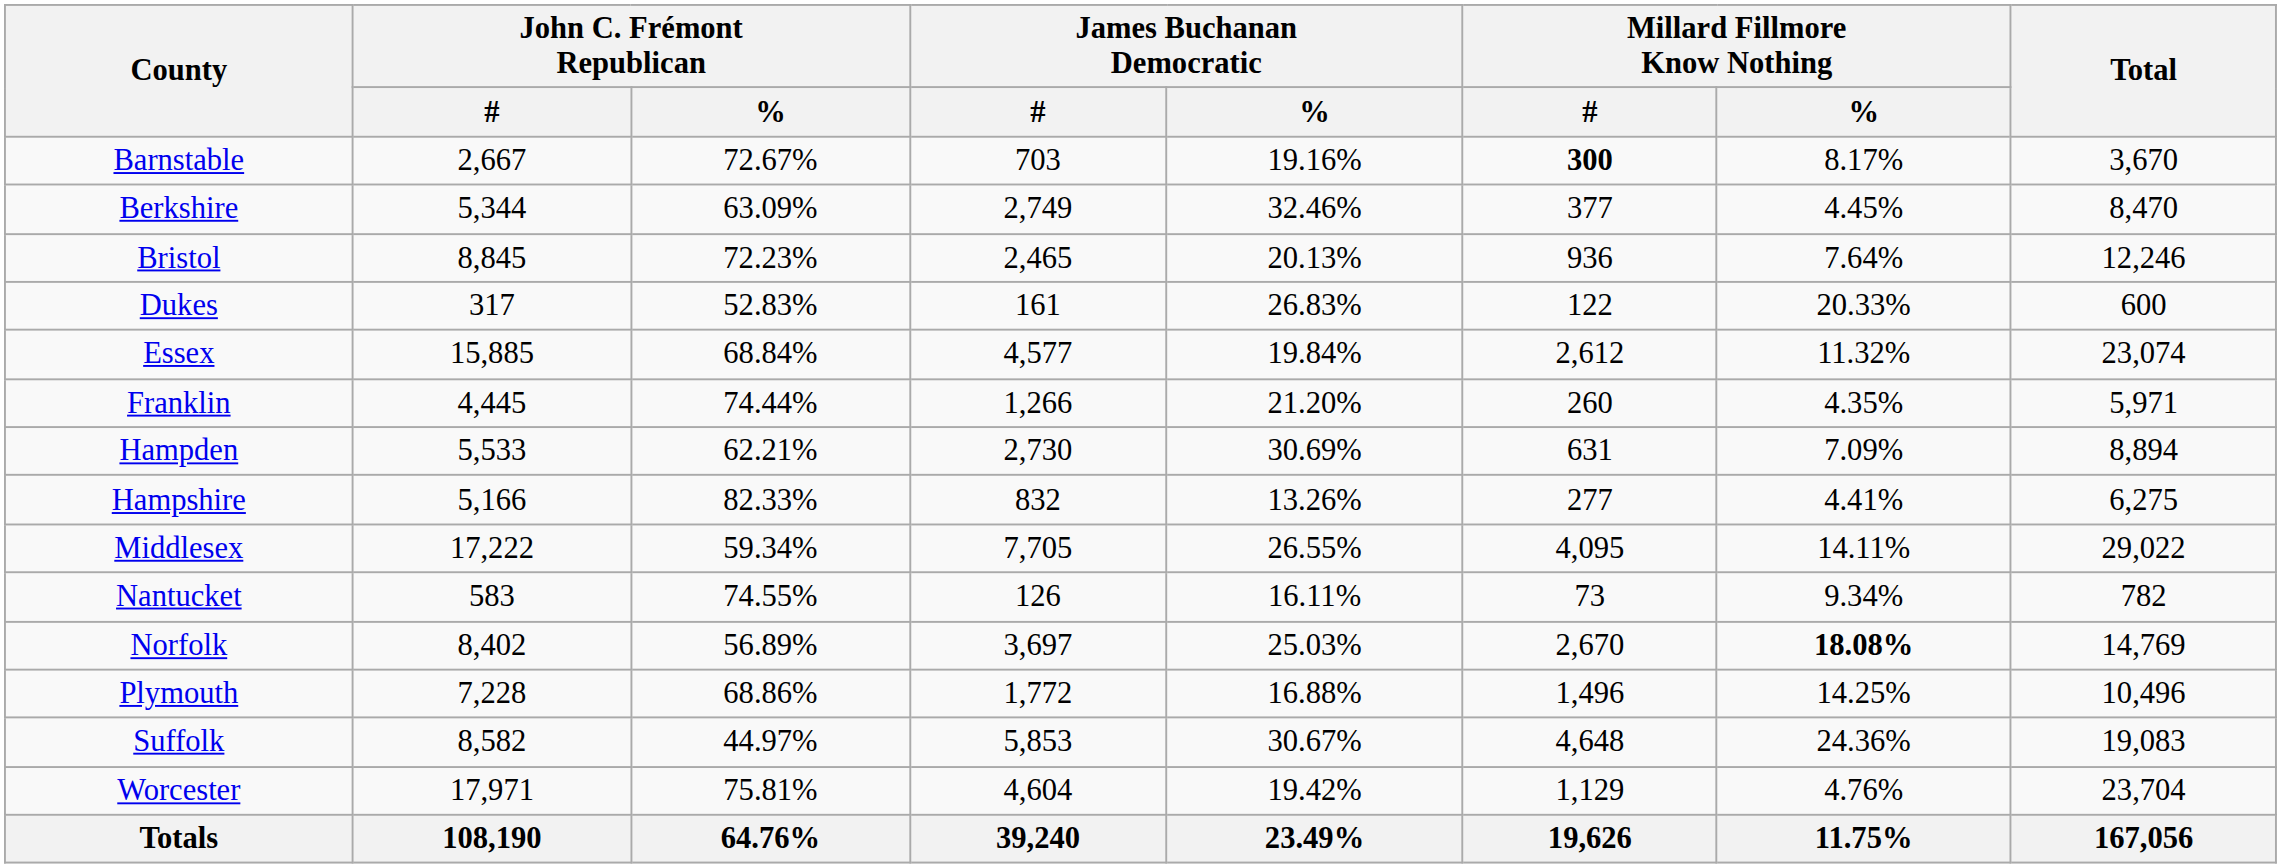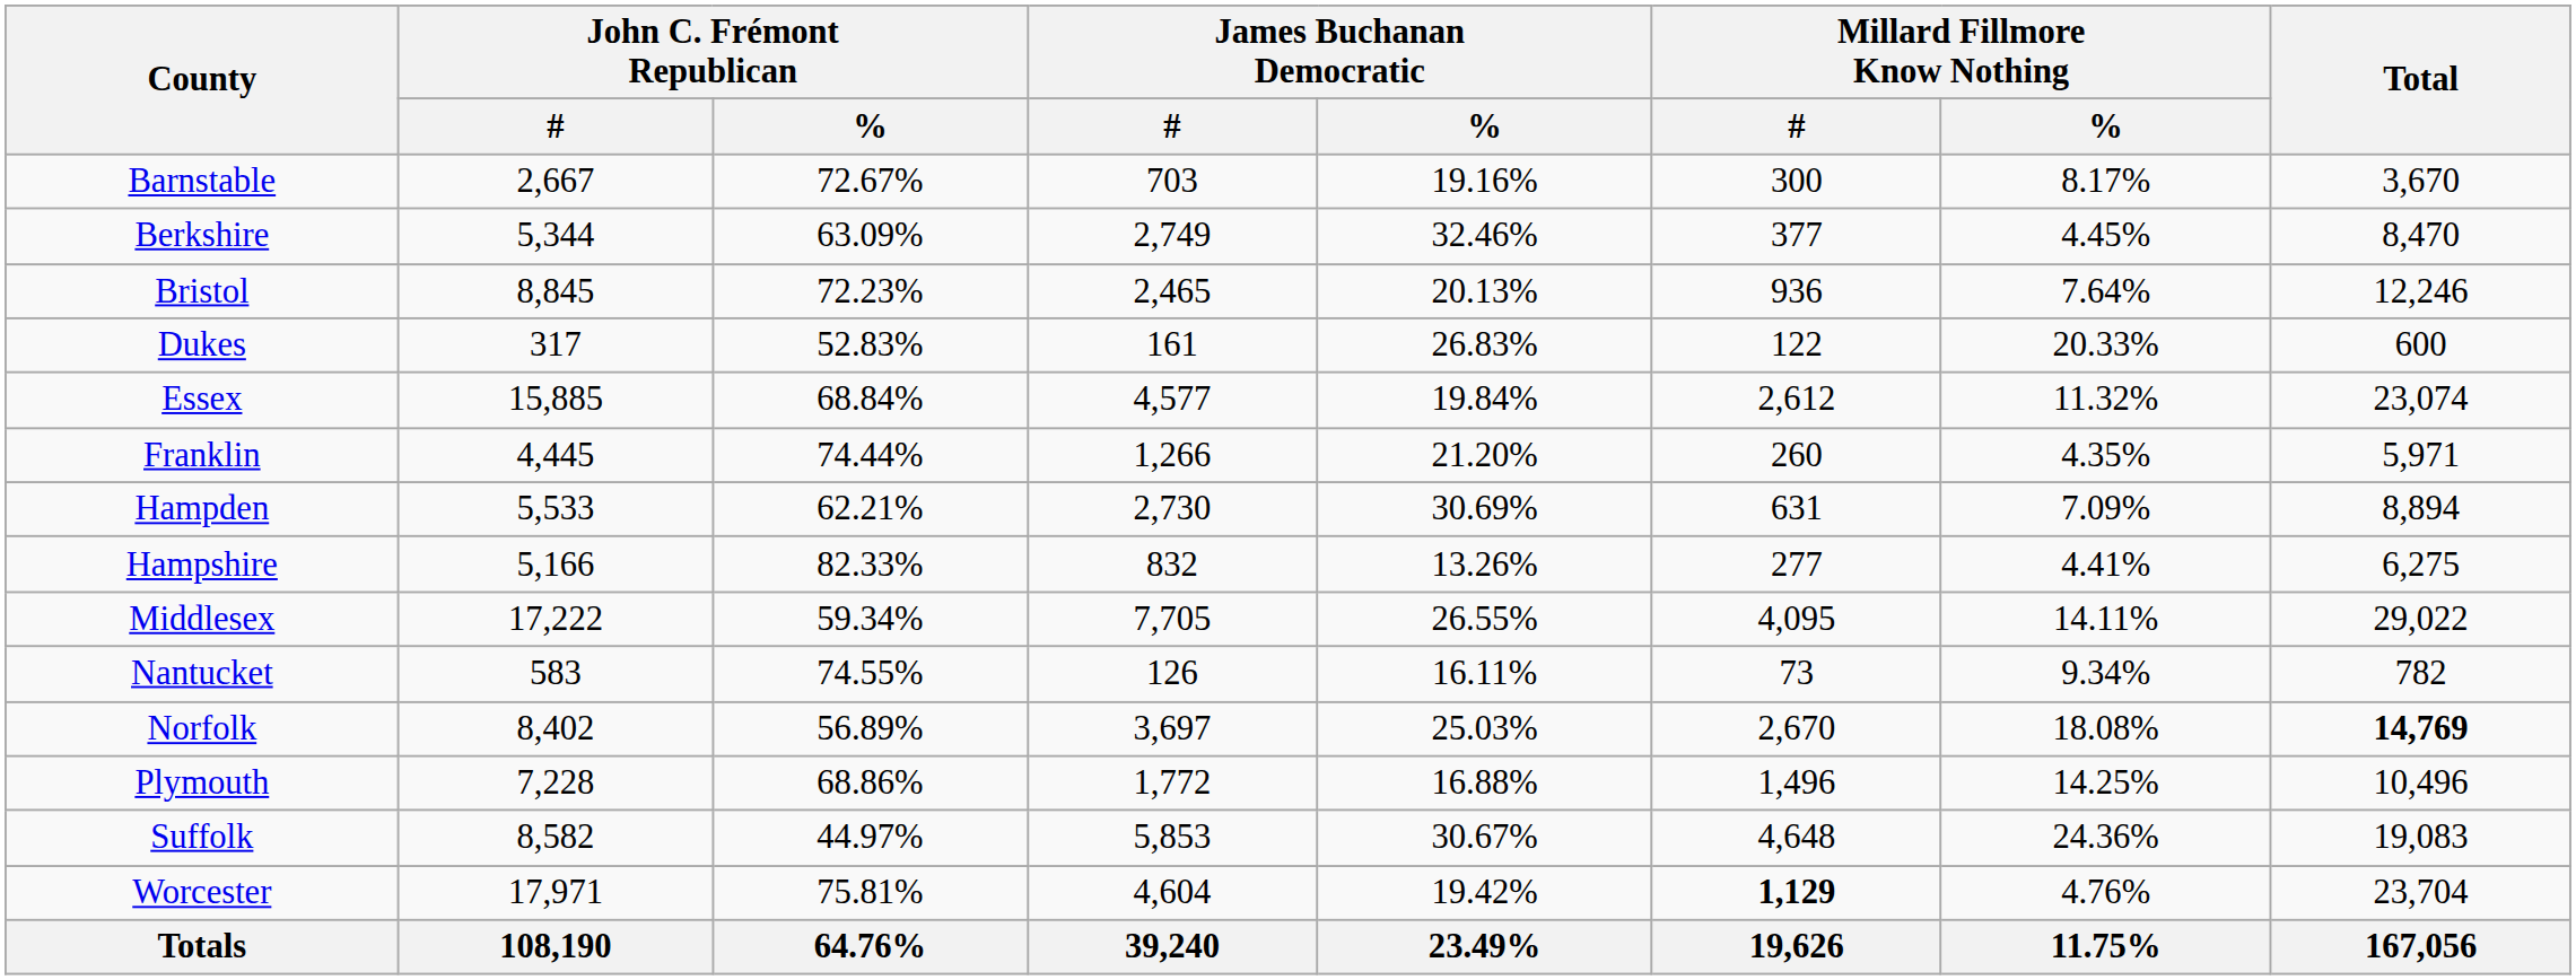 <table class="wikitable sortable" width="60%" style="text-align:center">
 <tr>
 <th rowspan="2" style="text-align:center;">County</th>
 <th colspan="2" style="text-align:center;">John C. Frémont<br>Republican</th>
 <th colspan="2" style="text-align:center;">James Buchanan<br>Democratic</th>
 <th colspan="2" style="text-align:center;">Millard Fillmore<br>Know Nothing</th>
 <th rowspan="2" style="text-align:center;">Total</th>
 </tr>
 <tr>
 <th data-sort-type="number" style="text-align:center;">#</th>
 <th data-sort-type="number" style="text-align:center;">%</th>
 <th data-sort-type="number" style="text-align:center;">#</th>
 <th data-sort-type="number" style="text-align:center;">%</th>
 <th data-sort-type="number" style="text-align:center;">#</th>
 <th data-sort-type="number" style="text-align:center;">%</th>
 </tr>
 <tr style="text-align:center;">
 <td><a href='#'>Barnstable</a></td>
 <td>2,667</td>
 <td>72.67%</td>
 <td>703</td>
 <td>19.16%</td>
-<td><strong>300</strong></td>
+<td>300</td>
 <td>8.17%</td>
 <td>3,670</td>
 </tr>
 <tr style="text-align:center;">
 <td><a href='#'>Berkshire</a></td>
 <td>5,344</td>
 <td>63.09%</td>
 <td>2,749</td>
 <td>32.46%</td>
 <td>377</td>
 <td>4.45%</td>
 <td>8,470</td>
 </tr>
 <tr style="text-align:center;">
 <td><a href='#'>Bristol</a></td>
 <td>8,845</td>
 <td>72.23%</td>
 <td>2,465</td>
 <td>20.13%</td>
 <td>936</td>
 <td>7.64%</td>
 <td>12,246</td>
 </tr>
 <tr style="text-align:center;">
 <td><a href='#'>Dukes</a></td>
 <td>317</td>
 <td>52.83%</td>
 <td>161</td>
 <td>26.83%</td>
 <td>122</td>
 <td>20.33%</td>
 <td>600</td>
 </tr>
 <tr style="text-align:center;">
 <td><a href='#'>Essex</a></td>
 <td>15,885</td>
 <td>68.84%</td>
 <td>4,577</td>
 <td>19.84%</td>
 <td>2,612</td>
 <td>11.32%</td>
 <td>23,074</td>
 </tr>
 <tr style="text-align:center;">
 <td><a href='#'>Franklin</a></td>
 <td>4,445</td>
 <td>74.44%</td>
 <td>1,266</td>
 <td>21.20%</td>
 <td>260</td>
 <td>4.35%</td>
 <td>5,971</td>
 </tr>
 <tr style="text-align:center;">
 <td><a href='#'>Hampden</a></td>
 <td>5,533</td>
 <td>62.21%</td>
 <td>2,730</td>
 <td>30.69%</td>
 <td>631</td>
 <td>7.09%</td>
 <td>8,894</td>
 </tr>
 <tr style="text-align:center;">
 <td><a href='#'>Hampshire</a></td>
 <td>5,166</td>
 <td>82.33%</td>
 <td>832</td>
 <td>13.26%</td>
 <td>277</td>
 <td>4.41%</td>
 <td>6,275</td>
 </tr>
 <tr style="text-align:center;">
 <td><a href='#'>Middlesex</a></td>
 <td>17,222</td>
 <td>59.34%</td>
 <td>7,705</td>
 <td>26.55%</td>
 <td>4,095</td>
 <td>14.11%</td>
 <td>29,022</td>
 </tr>
 <tr style="text-align:center;">
 <td><a href='#'>Nantucket</a></td>
 <td>583</td>
 <td>74.55%</td>
 <td>126</td>
 <td>16.11%</td>
 <td>73</td>
 <td>9.34%</td>
 <td>782</td>
 </tr>
 <tr style="text-align:center;">
 <td><a href='#'>Norfolk</a></td>
 <td>8,402</td>
 <td>56.89%</td>
 <td>3,697</td>
 <td>25.03%</td>
 <td>2,670</td>
-<td><strong>18.08%</strong></td>
-<td>14,769</td>
+<td>18.08%</td>
+<td><strong>14,769</strong></td>
 </tr>
 <tr style="text-align:center;">
 <td><a href='#'>Plymouth</a></td>
 <td>7,228</td>
 <td>68.86%</td>
 <td>1,772</td>
 <td>16.88%</td>
 <td>1,496</td>
 <td>14.25%</td>
 <td>10,496</td>
 </tr>
 <tr style="text-align:center;">
 <td><a href='#'>Suffolk</a></td>
 <td>8,582</td>
 <td>44.97%</td>
 <td>5,853</td>
 <td>30.67%</td>
 <td>4,648</td>
 <td>24.36%</td>
 <td>19,083</td>
 </tr>
 <tr style="text-align:center;">
 <td><a href='#'>Worcester</a></td>
 <td>17,971</td>
 <td>75.81%</td>
 <td>4,604</td>
 <td>19.42%</td>
-<td>1,129</td>
+<td><strong>1,129</strong></td>
 <td>4.76%</td>
 <td>23,704</td>
 </tr>
 <tr>
 <th>Totals</th>
 <th>108,190</th>
 <th>64.76%</th>
 <th>39,240</th>
 <th>23.49%</th>
 <th>19,626</th>
 <th>11.75%</th>
 <th>167,056</th>
 </tr>
 </table>
